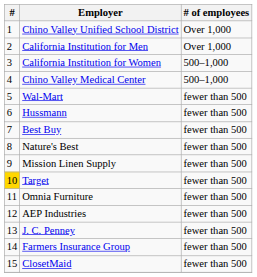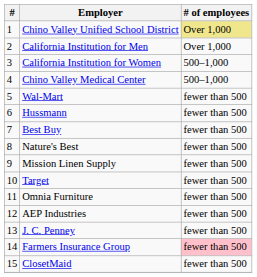 <table class="wikitable sortable" border="1">
 <tr>
 <th>#</th>
 <th>Employer</th>
 <th># of employees</th>
 </tr>
 <tr>
 <td>1</td>
 <td><a href='#'>Chino Valley Unified School District</a></td>
-<td>Over 1,000</td>
+<td style="background: khaki;">Over 1,000</td>
 </tr>
 <tr>
 <td>2</td>
 <td><a href='#'>California Institution for Men</a></td>
 <td>Over 1,000</td>
 </tr>
 <tr>
 <td>3</td>
 <td><a href='#'>California Institution for Women</a></td>
 <td>500–1,000</td>
 </tr>
 <tr>
 <td>4</td>
 <td><a href='#'>Chino Valley Medical Center</a></td>
 <td>500–1,000</td>
 </tr>
 <tr>
 <td>5</td>
 <td><a href='#'>Wal-Mart</a></td>
 <td>fewer than 500</td>
 </tr>
 <tr>
 <td>6</td>
 <td><a href='#'>Hussmann</a></td>
 <td>fewer than 500</td>
 </tr>
 <tr>
 <td>7</td>
 <td><a href='#'>Best Buy</a></td>
 <td>fewer than 500</td>
 </tr>
 <tr>
 <td>8</td>
 <td>Nature's Best</td>
 <td>fewer than 500</td>
 </tr>
 <tr>
 <td>9</td>
 <td>Mission Linen Supply</td>
 <td>fewer than 500</td>
 </tr>
 <tr>
-<td style="background: gold;">10</td>
+<td>10</td>
 <td><a href='#'>Target</a></td>
 <td>fewer than 500</td>
 </tr>
 <tr>
 <td>11</td>
 <td>Omnia Furniture</td>
 <td>fewer than 500</td>
 </tr>
 <tr>
 <td>12</td>
 <td>AEP Industries</td>
 <td>fewer than 500</td>
 </tr>
 <tr>
 <td>13</td>
 <td><a href='#'>J. C. Penney</a></td>
 <td>fewer than 500</td>
 </tr>
 <tr>
 <td>14</td>
 <td><a href='#'>Farmers Insurance Group</a></td>
-<td>fewer than 500</td>
+<td style="background: pink;">fewer than 500</td>
 </tr>
 <tr>
 <td>15</td>
 <td><a href='#'>ClosetMaid</a></td>
 <td>fewer than 500</td>
 </tr>
 <tr>
 </tr>
 </table>
